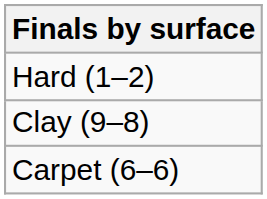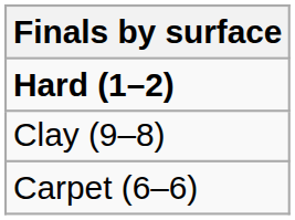 <table class=wikitable style=font-size:90%>
 <tr>
 <th>Finals by surface</th>
 </tr>
 <tr>
-<td>Hard (1–2)</td>
+<td><strong>Hard (1–2)</strong></td>
 </tr>
 <tr>
 <td>Clay (9–8)</td>
 </tr>
 <tr>
 <td>Carpet (6–6)</td>
 </tr>
 </table>
